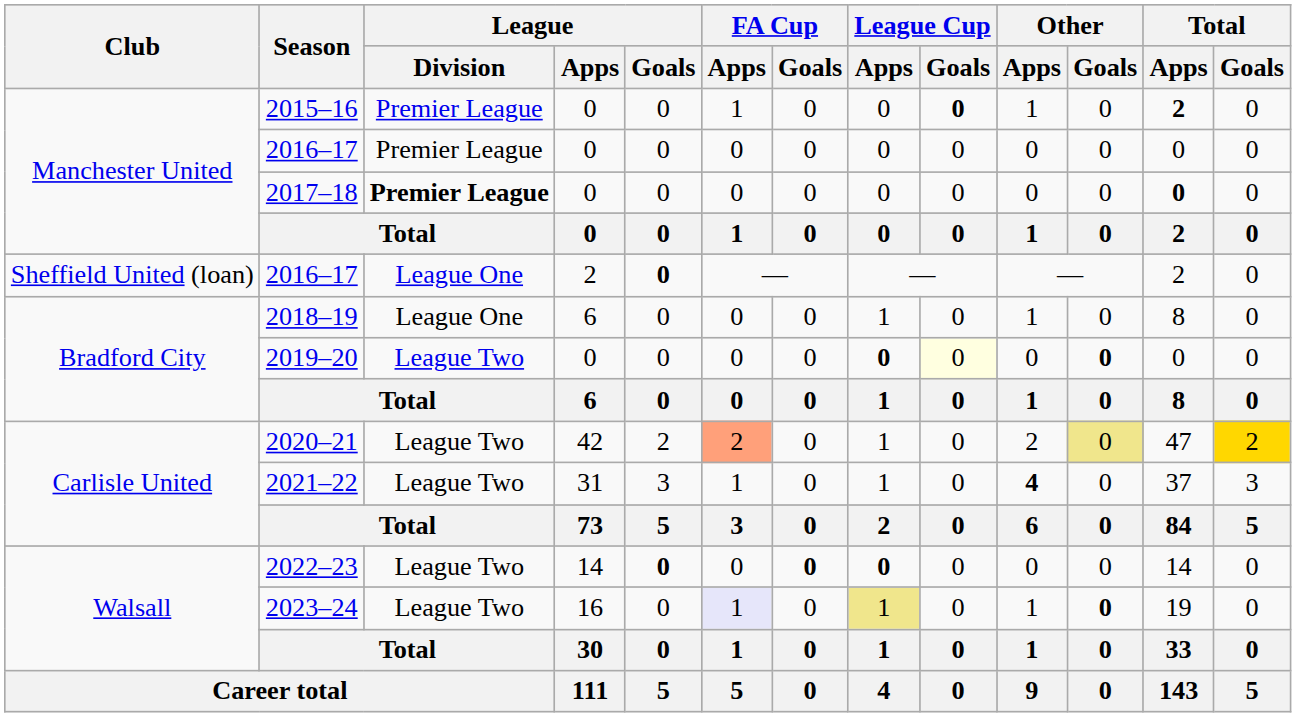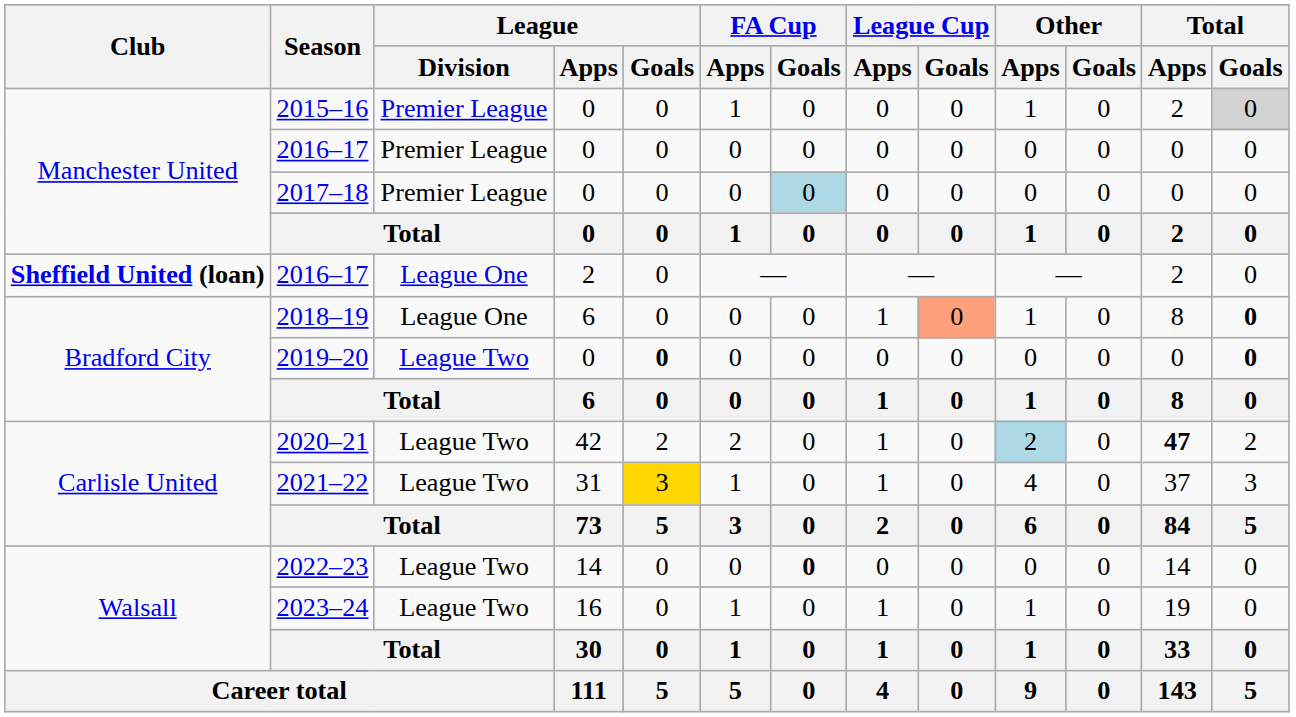 <table class=wikitable style="text-align: center">
 <tr>
 <th rowspan=2>Club</th>
 <th rowspan=2>Season</th>
 <th colspan=3>League</th>
 <th colspan=2><a href='#'>FA Cup</a></th>
 <th colspan=2><a href='#'>League Cup</a></th>
 <th colspan=2>Other</th>
 <th colspan=2>Total</th>
 </tr>
 <tr>
 <th>Division</th>
 <th>Apps</th>
 <th>Goals</th>
 <th>Apps</th>
 <th>Goals</th>
 <th>Apps</th>
 <th>Goals</th>
 <th>Apps</th>
 <th>Goals</th>
 <th>Apps</th>
 <th>Goals</th>
 </tr>
 <tr>
 <td rowspan=4><a href='#'>Manchester United</a></td>
 <td><a href='#'>2015–16</a></td>
 <td><a href='#'>Premier League</a></td>
 <td>0</td>
 <td>0</td>
 <td>1</td>
 <td>0</td>
 <td>0</td>
-<td><strong>0</strong></td>
+<td>0</td>
 <td>1</td>
 <td>0</td>
-<td><strong>2</strong></td>
-<td>0</td>
+<td>2</td>
+<td style="background: lightgrey;">0</td>
 </tr>
 <tr>
 <td><a href='#'>2016–17</a></td>
 <td>Premier League</td>
 <td>0</td>
 <td>0</td>
 <td>0</td>
 <td>0</td>
 <td>0</td>
 <td>0</td>
 <td>0</td>
 <td>0</td>
 <td>0</td>
 <td>0</td>
 </tr>
 <tr>
 <td><a href='#'>2017–18</a></td>
-<td><strong>Premier League</strong></td>
+<td>Premier League</td>
+<td>0</td>
+<td>0</td>
+<td>0</td>
+<td style="background: lightblue;">0</td>
 <td>0</td>
 <td>0</td>
 <td>0</td>
 <td>0</td>
 <td>0</td>
-<td>0</td>
-<td>0</td>
-<td>0</td>
-<td><strong>0</strong></td>
 <td>0</td>
 </tr>
 <tr>
 <th colspan=2>Total</th>
 <th>0</th>
 <th>0</th>
 <th>1</th>
 <th>0</th>
 <th>0</th>
 <th>0</th>
 <th>1</th>
 <th>0</th>
 <th>2</th>
 <th>0</th>
 </tr>
 <tr>
-<td><a href='#'>Sheffield United</a> (loan)</td>
+<td><strong><a href='#'>Sheffield United</a> (loan)</strong></td>
 <td><a href='#'>2016–17</a></td>
 <td><a href='#'>League One</a></td>
 <td>2</td>
-<td><strong>0</strong></td>
+<td>0</td>
 <td colspan=2>—</td>
 <td colspan=2>—</td>
 <td colspan=2>—</td>
 <td>2</td>
 <td>0</td>
 </tr>
 <tr>
 <td rowspan=3><a href='#'>Bradford City</a></td>
 <td><a href='#'>2018–19</a></td>
 <td>League One</td>
 <td>6</td>
 <td>0</td>
 <td>0</td>
 <td>0</td>
 <td>1</td>
-<td>0</td>
+<td style="background: lightsalmon;">0</td>
 <td>1</td>
 <td>0</td>
 <td>8</td>
-<td>0</td>
+<td><strong>0</strong></td>
 </tr>
 <tr>
 <td><a href='#'>2019–20</a></td>
 <td><a href='#'>League Two</a></td>
 <td>0</td>
+<td><strong>0</strong></td>
+<td>0</td>
+<td>0</td>
+<td>0</td>
+<td>0</td>
 <td>0</td>
 <td>0</td>
 <td>0</td>
 <td><strong>0</strong></td>
-<td style="background: lightyellow;">0</td>
-<td>0</td>
-<td><strong>0</strong></td>
-<td>0</td>
-<td>0</td>
 </tr>
 <tr>
 <th colspan=2>Total</th>
 <th>6</th>
 <th>0</th>
 <th>0</th>
 <th>0</th>
 <th>1</th>
 <th>0</th>
 <th>1</th>
 <th>0</th>
 <th>8</th>
 <th>0</th>
 </tr>
 <tr>
 <td rowspan=3><a href='#'>Carlisle United</a></td>
 <td><a href='#'>2020–21</a></td>
 <td>League Two</td>
 <td>42</td>
 <td>2</td>
-<td style="background: lightsalmon;">2</td>
+<td>2</td>
 <td>0</td>
 <td>1</td>
 <td>0</td>
+<td style="background: lightblue;">2</td>
+<td>0</td>
+<td><strong>47</strong></td>
 <td>2</td>
-<td style="background: khaki;">0</td>
-<td>47</td>
-<td style="background: gold;">2</td>
 </tr>
 <tr>
 <td><a href='#'>2021–22</a></td>
 <td>League Two</td>
 <td>31</td>
-<td>3</td>
+<td style="background: gold;">3</td>
 <td>1</td>
 <td>0</td>
 <td>1</td>
 <td>0</td>
-<td><strong>4</strong></td>
+<td>4</td>
 <td>0</td>
 <td>37</td>
 <td>3</td>
 </tr>
 <tr>
 <th colspan=2>Total</th>
 <th>73</th>
 <th>5</th>
 <th>3</th>
 <th>0</th>
 <th>2</th>
 <th>0</th>
 <th>6</th>
 <th>0</th>
 <th>84</th>
 <th>5</th>
 </tr>
 <tr>
 <td rowspan=3><a href='#'>Walsall</a></td>
 <td><a href='#'>2022–23</a></td>
 <td>League Two</td>
 <td>14</td>
+<td>0</td>
+<td>0</td>
 <td><strong>0</strong></td>
 <td>0</td>
-<td><strong>0</strong></td>
-<td><strong>0</strong></td>
 <td>0</td>
 <td>0</td>
 <td>0</td>
 <td>14</td>
 <td>0</td>
 </tr>
 <tr>
 <td><a href='#'>2023–24</a></td>
 <td>League Two</td>
 <td>16</td>
 <td>0</td>
-<td style="background: lavender;">1</td>
-<td>0</td>
-<td style="background: khaki;">1</td>
+<td>1</td>
 <td>0</td>
 <td>1</td>
-<td><strong>0</strong></td>
+<td>0</td>
+<td>1</td>
+<td>0</td>
 <td>19</td>
 <td>0</td>
 </tr>
 <tr>
 <th colspan=2>Total</th>
 <th>30</th>
 <th>0</th>
 <th>1</th>
 <th>0</th>
 <th>1</th>
 <th>0</th>
 <th>1</th>
 <th>0</th>
 <th>33</th>
 <th>0</th>
 </tr>
 <tr>
 <th colspan=3>Career total</th>
 <th>111</th>
 <th>5</th>
 <th>5</th>
 <th>0</th>
 <th>4</th>
 <th>0</th>
 <th>9</th>
 <th>0</th>
 <th>143</th>
 <th>5</th>
 </tr>
 </table>
